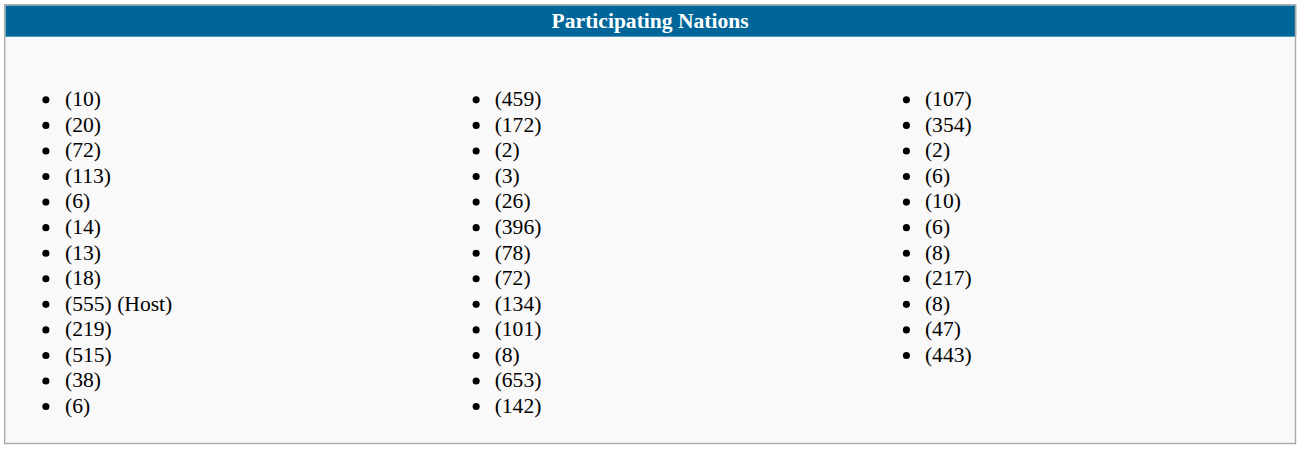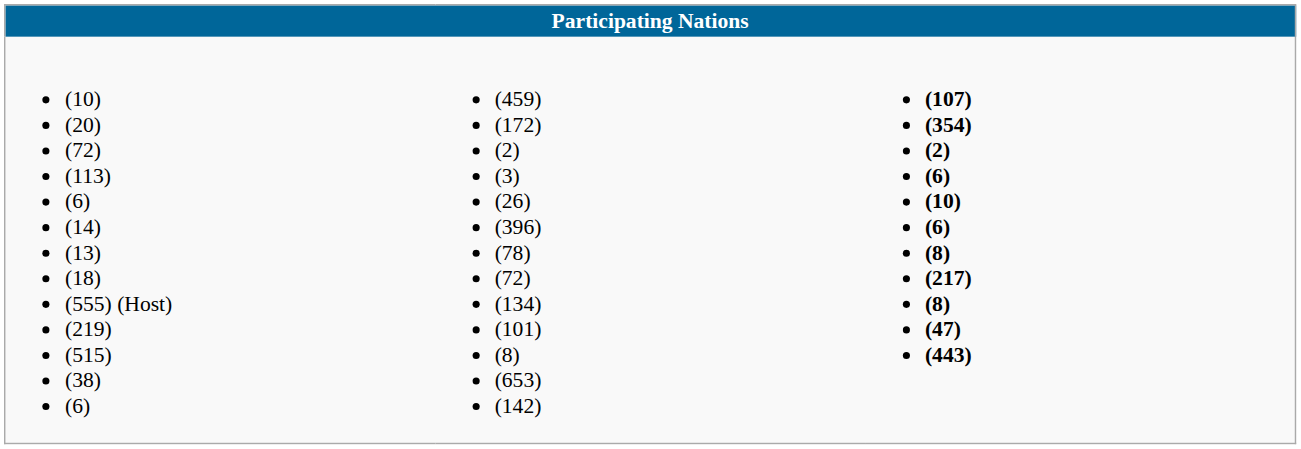 <table cellpadding="2" cellspacing="0" style="background: #f9f9f9; border: 1px #aaa solid; border-collapse: collapse; font-size: 95%;" width=72%>
 <tr bgcolor=#006699 style="color:white;">
 <th colspan=4 align=center>Participating Nations</th>
 </tr>
 <tr bgcolor=#EBF5FF>
 </tr>
 <tr valign=top>
 <td width=33%><br><ul><li> (10)</li><li> (20)</li><li> (72)</li><li> (113)</li><li> (6)</li><li> (14)</li><li> (13)</li><li> (18)</li><li> (555) (Host)</li><li> (219)</li><li> (515)</li><li> (38)</li><li> (6)</li></ul></td>
 <td width=33%><br><ul><li> (459)</li><li> (172)</li><li> (2)</li><li> (3)</li><li> (26)</li><li> (396)</li><li> (78)</li><li> (72)</li><li> (134)</li><li> (101)</li><li> (8)</li><li> (653)</li><li> (142)</li></ul></td>
-<td width=33%><br><ul><li> (107)</li><li> (354)</li><li> (2)</li><li> (6)</li><li> (10)</li><li> (6)</li><li> (8)</li><li> (217)</li><li> (8)</li><li> (47)</li><li> (443)</li></ul></td>
+<td width=33%><strong><br><ul><li> (107)</li><li> (354)</li><li> (2)</li><li> (6)</li><li> (10)</li><li> (6)</li><li> (8)</li><li> (217)</li><li> (8)</li><li> (47)</li><li> (443)</li></ul></strong></td>
 </tr>
 </table>
